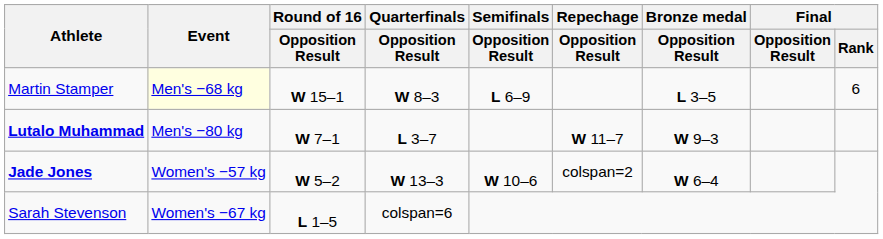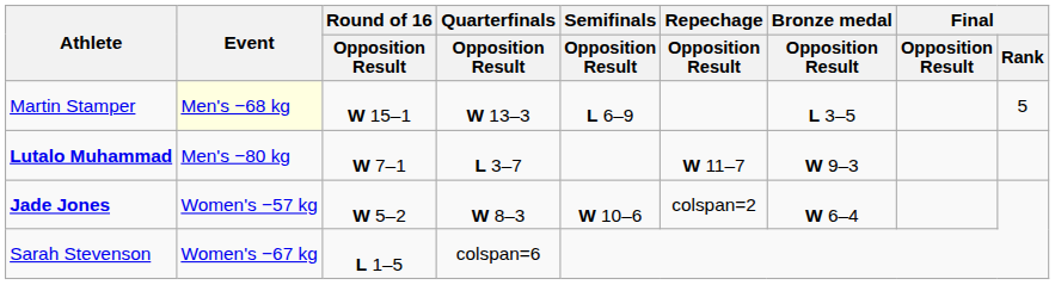 <table class="wikitable" style="text-align:center; font-size:90%;">
 <tr>
 <th rowspan=2>Athlete</th>
 <th rowspan=2>Event</th>
 <th>Round of 16</th>
 <th>Quarterfinals</th>
 <th>Semifinals</th>
 <th>Repechage</th>
 <th>Bronze medal</th>
 <th colspan=2>Final</th>
 </tr>
 <tr style="font-size:95%">
 <th>Opposition<br>Result</th>
 <th>Opposition<br>Result</th>
 <th>Opposition<br>Result</th>
 <th>Opposition<br>Result</th>
 <th>Opposition<br>Result</th>
 <th>Opposition<br>Result</th>
 <th>Rank</th>
 </tr>
 <tr>
 <td style="text-align:left;"><a href='#'>Martin Stamper</a></td>
 <td style="background: lightyellow; text-align:left;"><a href='#'>Men's −68 kg</a></td>
 <td><br><strong>W</strong> 15–1</td>
-<td><br><strong>W</strong> 8–3</td>
+<td><br><strong>W</strong> 13–3</td>
 <td><br><strong>L</strong> 6–9</td>
 <td></td>
 <td><br><strong>L</strong> 3–5</td>
 <td></td>
-<td>6</td>
+<td>5</td>
 </tr>
 <tr>
 <td style="text-align:left;"><strong><a href='#'>Lutalo Muhammad</a></strong></td>
 <td style="text-align:left;"><a href='#'>Men's −80 kg</a></td>
 <td><br><strong>W</strong> 7–1</td>
 <td><br><strong>L</strong> 3–7</td>
 <td></td>
 <td><br><strong>W</strong> 11–7</td>
 <td><br><strong>W</strong> 9–3</td>
 <td></td>
 <td></td>
 </tr>
 <tr>
 <td style="text-align:left;"><strong><a href='#'>Jade Jones</a></strong></td>
 <td style="text-align:left;"><a href='#'>Women's −57 kg</a></td>
 <td><br><strong>W</strong> 5–2</td>
-<td><br><strong>W</strong> 13–3</td>
+<td><br><strong>W</strong> 8–3</td>
 <td><br><strong>W</strong> 10–6</td>
 <td>colspan=2 </td>
 <td><br><strong>W</strong> 6–4</td>
 <td></td>
 </tr>
 <tr>
 <td style="text-align:left;"><a href='#'>Sarah Stevenson</a></td>
 <td style="text-align:left;"><a href='#'>Women's −67 kg</a></td>
 <td><br><strong>L</strong> 1–5</td>
 <td>colspan=6 </td>
 </tr>
 </table>
